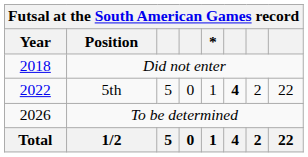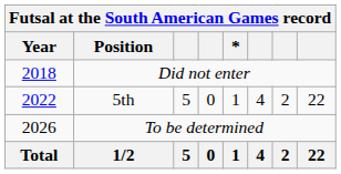 <table class="wikitable" style="text-align: center;">
 <tr>
 <th colspan="8">Futsal at the <a href='#'>South American Games</a> record</th>
 </tr>
 <tr>
 <th>Year</th>
 <th>Position</th>
 <th></th>
 <th></th>
 <th>*</th>
 <th></th>
 <th></th>
 <th></th>
 </tr>
 <tr>
 <td> <a href='#'>2018</a></td>
 <td colspan=7 rowspan=1><em>Did not enter</em></td>
 </tr>
 <tr>
 <td> <a href='#'>2022</a></td>
 <td>5th</td>
 <td>5</td>
 <td>0</td>
 <td>1</td>
-<td><strong>4</strong></td>
+<td>4</td>
 <td>2</td>
 <td>22</td>
 </tr>
 <tr>
 <td> 2026</td>
 <td colspan="7"><em>To be determined</em></td>
 </tr>
 <tr>
 <th>Total</th>
 <th>1/2</th>
 <th>5</th>
 <th>0</th>
 <th>1</th>
 <th>4</th>
 <th>2</th>
 <th>22</th>
 </tr>
 </table>
